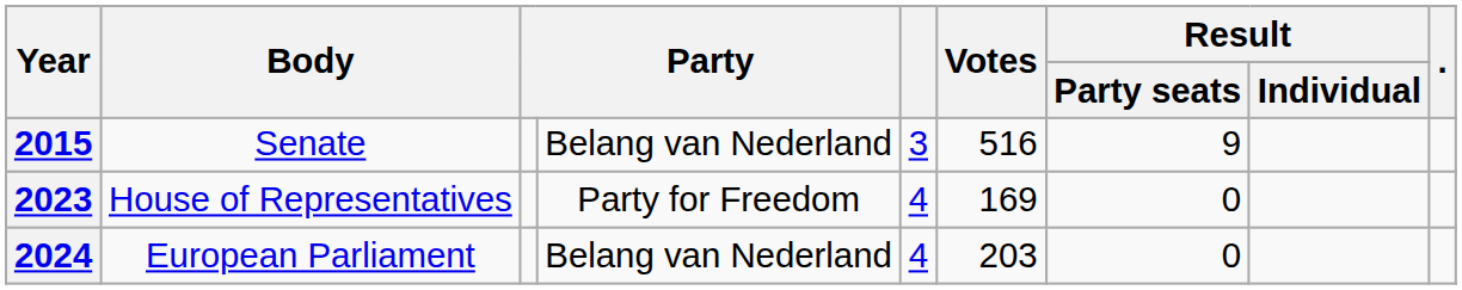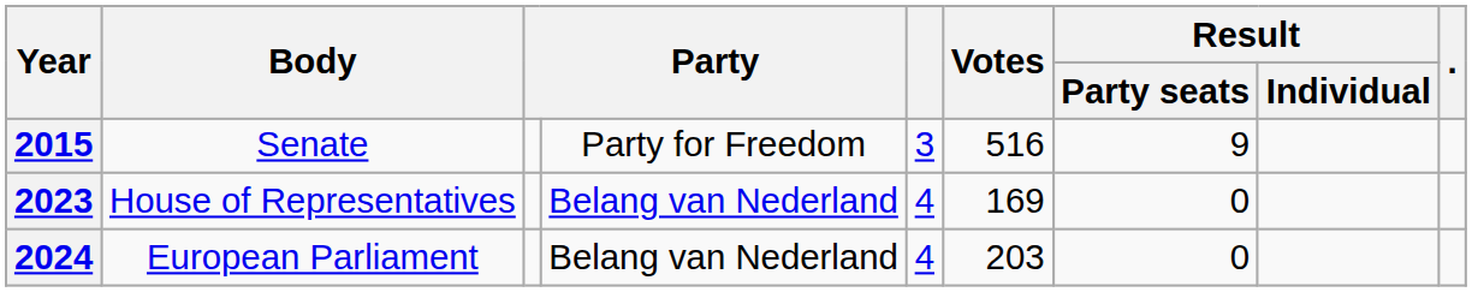 <table class="wikitable plainrowheaders sortable" border=2 cellpadding=4 cellspacing=0 style="border: 1px #aaa solid; font-size: 90%; text-align:center;">
 <tr>
 <th scope="col" rowspan=2>Year</th>
 <th scope="col" rowspan=2>Body</th>
 <th scope="col" colspan=2 rowspan=2>Party</th>
 <th scope="col" rowspan=2></th>
 <th scope="col" rowspan=2>Votes</th>
 <th scope="colgroup" colspan=2>Result</th>
 <th scope="col" rowspan=2 class="unsortable">.</th>
 </tr>
 <tr>
 <th scope="col">Party seats</th>
 <th scope="col">Individual</th>
 </tr>
 <tr>
 <th scope="row"><a href='#'>2015</a></th>
 <td><a href='#'>Senate</a></td>
 <td style="background-color:"></td>
-<td>Belang van Nederland</td>
+<td>Party for Freedom</td>
 <td style=text-align:right><a href='#'>3</a></td>
 <td style=text-align:right>516</td>
 <td style=text-align:right>9</td>
 <td></td>
 <td></td>
 </tr>
 <tr>
 <th scope="row"><a href='#'>2023</a></th>
 <td><a href='#'>House of Representatives</a></td>
 <td style="background-color:"></td>
-<td>Party for Freedom</td>
+<td><a href='#'>Belang van Nederland</a></td>
 <td style=text-align:right><a href='#'>4</a></td>
 <td style=text-align:right>169</td>
 <td style=text-align:right>0</td>
 <td></td>
 <td></td>
 </tr>
 <tr>
 <th scope="row"><a href='#'>2024</a></th>
 <td><a href='#'>European Parliament</a></td>
 <td style="background-color:"></td>
 <td>Belang van Nederland</td>
 <td style=text-align:right><a href='#'>4</a></td>
 <td style=text-align:right>203</td>
 <td style=text-align:right>0</td>
 <td></td>
 <td></td>
 </tr>
 </table>
